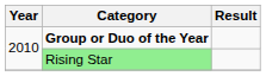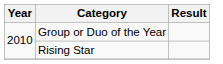 <table class="wikitable">
 <tr>
 <th>Year</th>
 <th>Category</th>
 <th>Result</th>
 </tr>
 <tr>
 <td rowspan="2">2010</td>
-<td><strong>Group or Duo of the Year</strong></td>
+<td>Group or Duo of the Year</td>
 <td></td>
 </tr>
 <tr>
-<td style="background: lightgreen;">Rising Star</td>
+<td>Rising Star</td>
 <td></td>
 </tr>
 <tr>
 </tr>
 </table>
